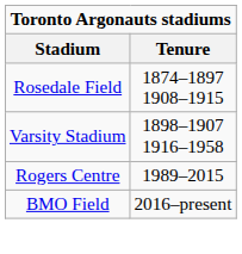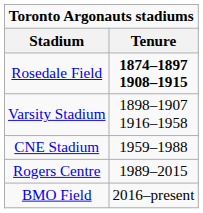 <table class="wikitable floatright" style="text-align:center">
 <tr>
 <td colspan="2"><strong>Toronto Argonauts stadiums</strong></td>
 </tr>
 <tr>
 <th>Stadium</th>
 <th>Tenure</th>
 </tr>
 <tr>
 <td><a href='#'>Rosedale Field</a></td>
-<td>1874–1897<br>1908–1915</td>
+<td><strong>1874–1897<br>1908–1915</strong></td>
 </tr>
 <tr>
 <td><a href='#'>Varsity Stadium</a></td>
 <td>1898–1907<br>1916–1958</td>
+</tr>
+<tr>
+<td><a href='#'>CNE Stadium</a></td>
+<td>1959–1988</td>
 </tr>
 <tr>
 <td><a href='#'>Rogers Centre</a></td>
 <td>1989–2015</td>
 </tr>
 <tr>
 <td><a href='#'>BMO Field</a></td>
 <td>2016–present</td>
 </tr>
 </table>
